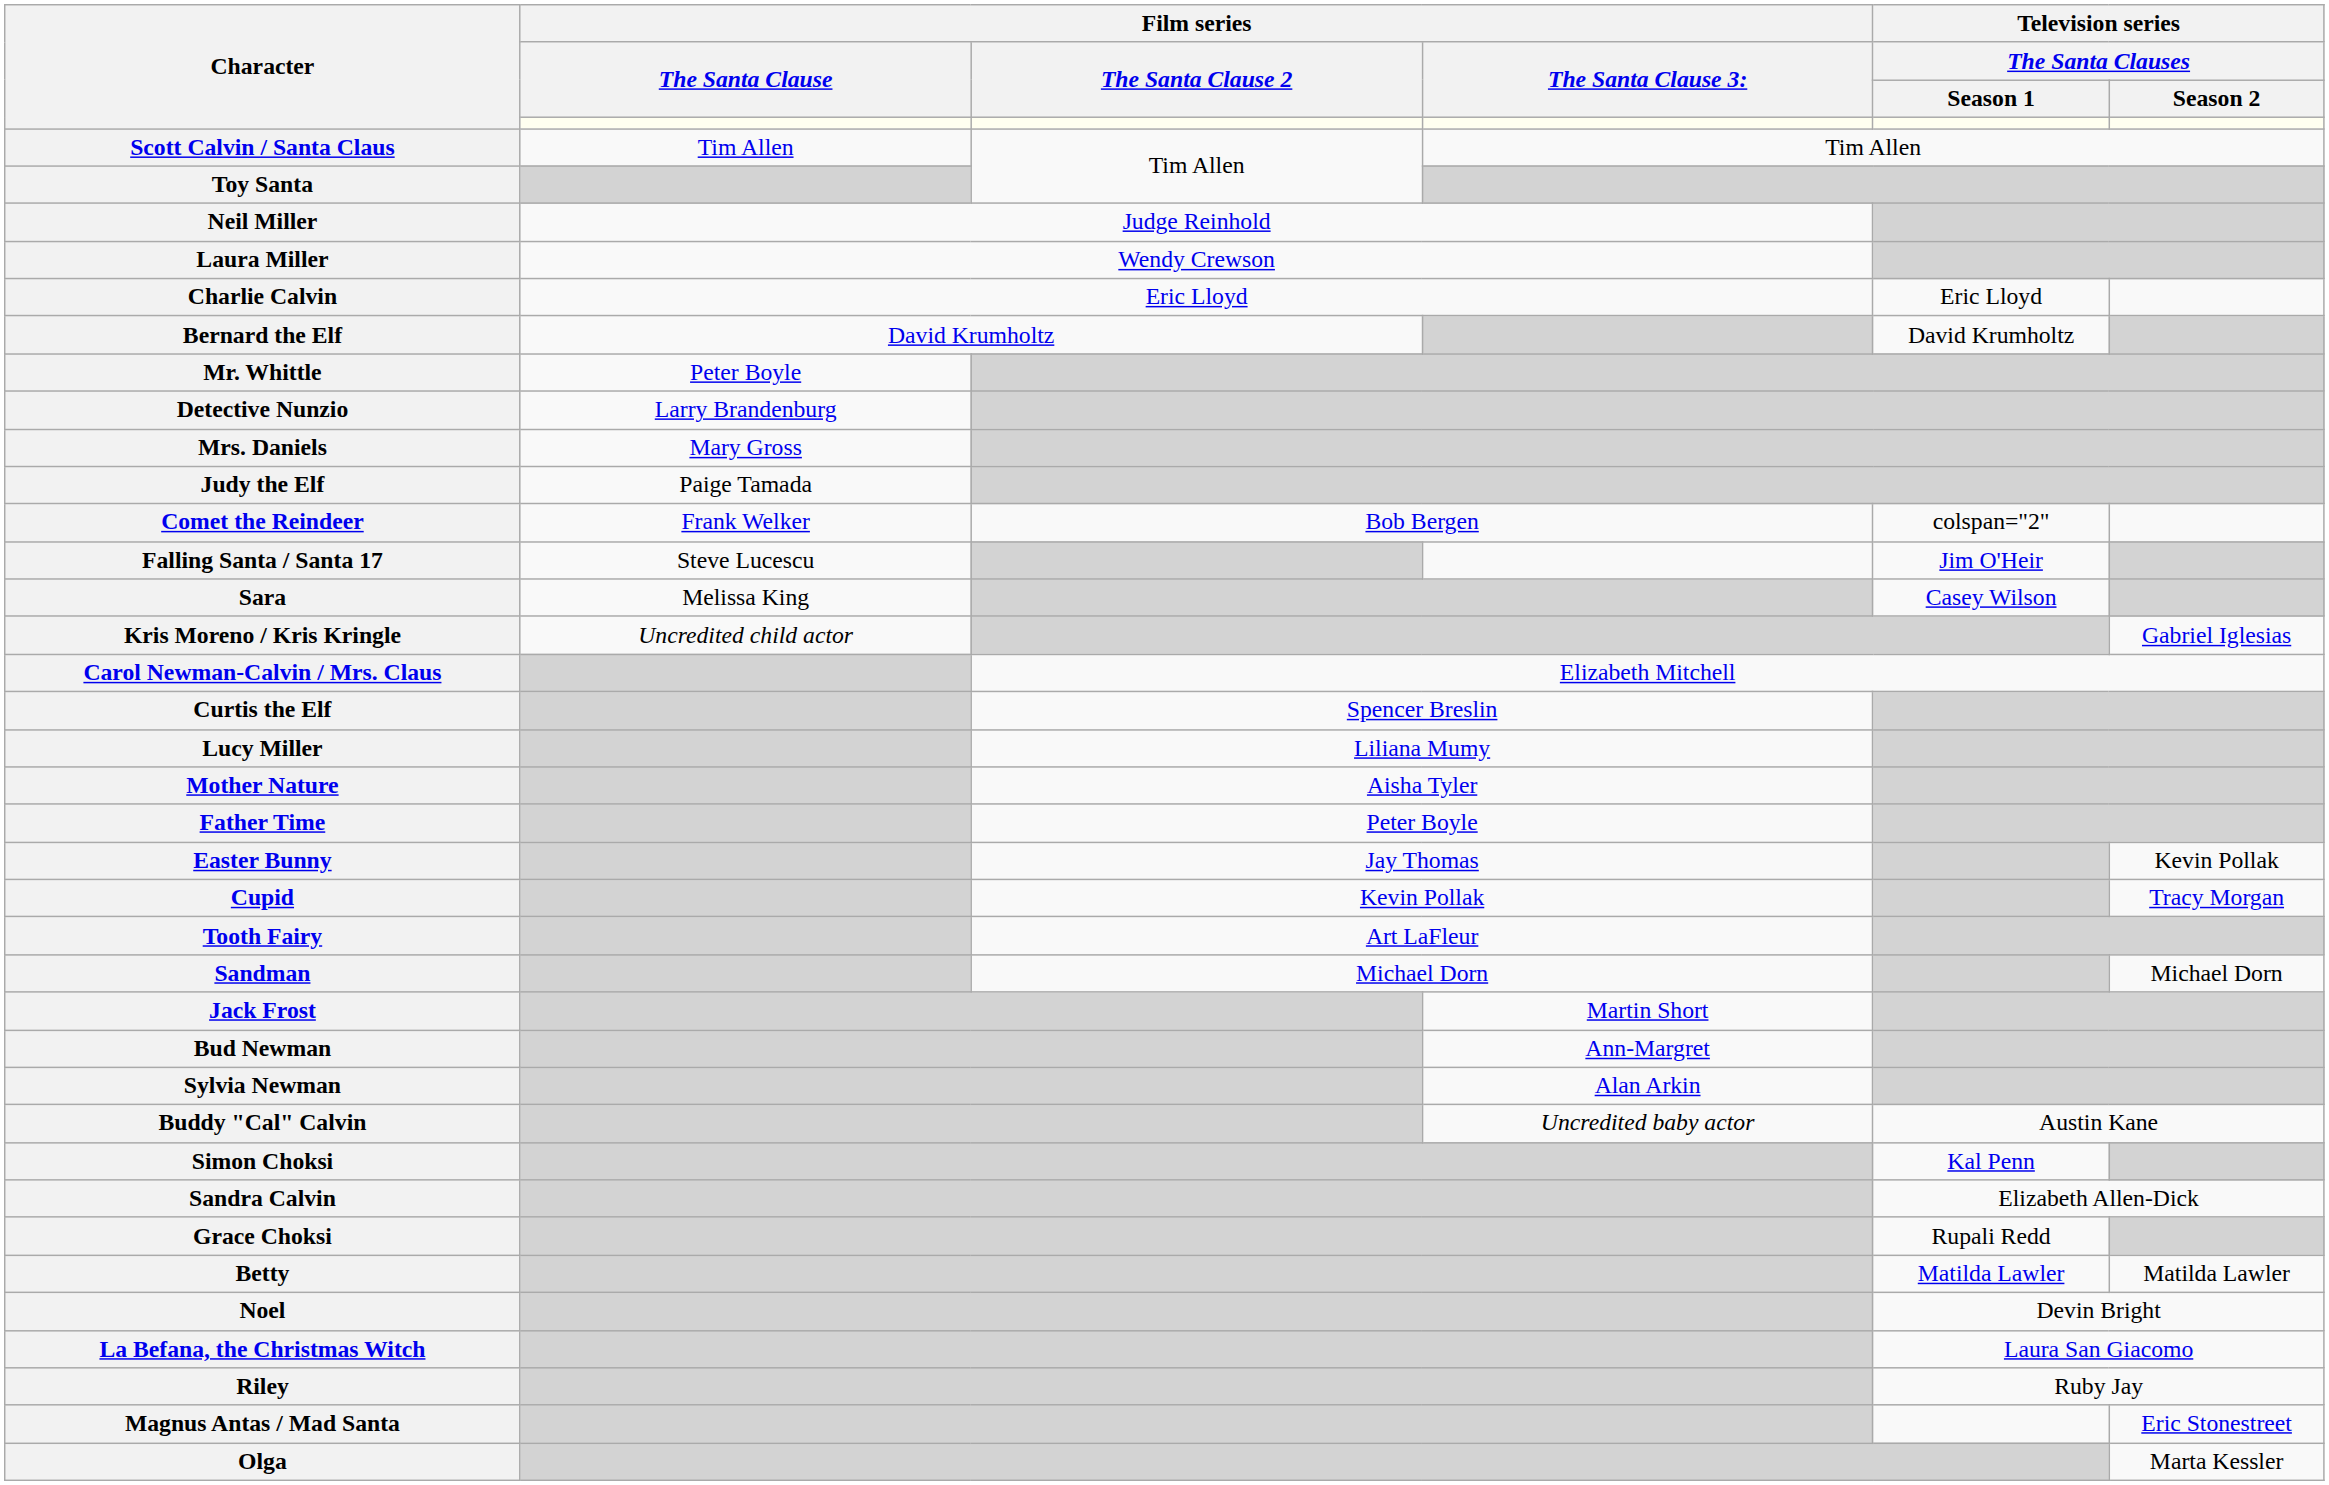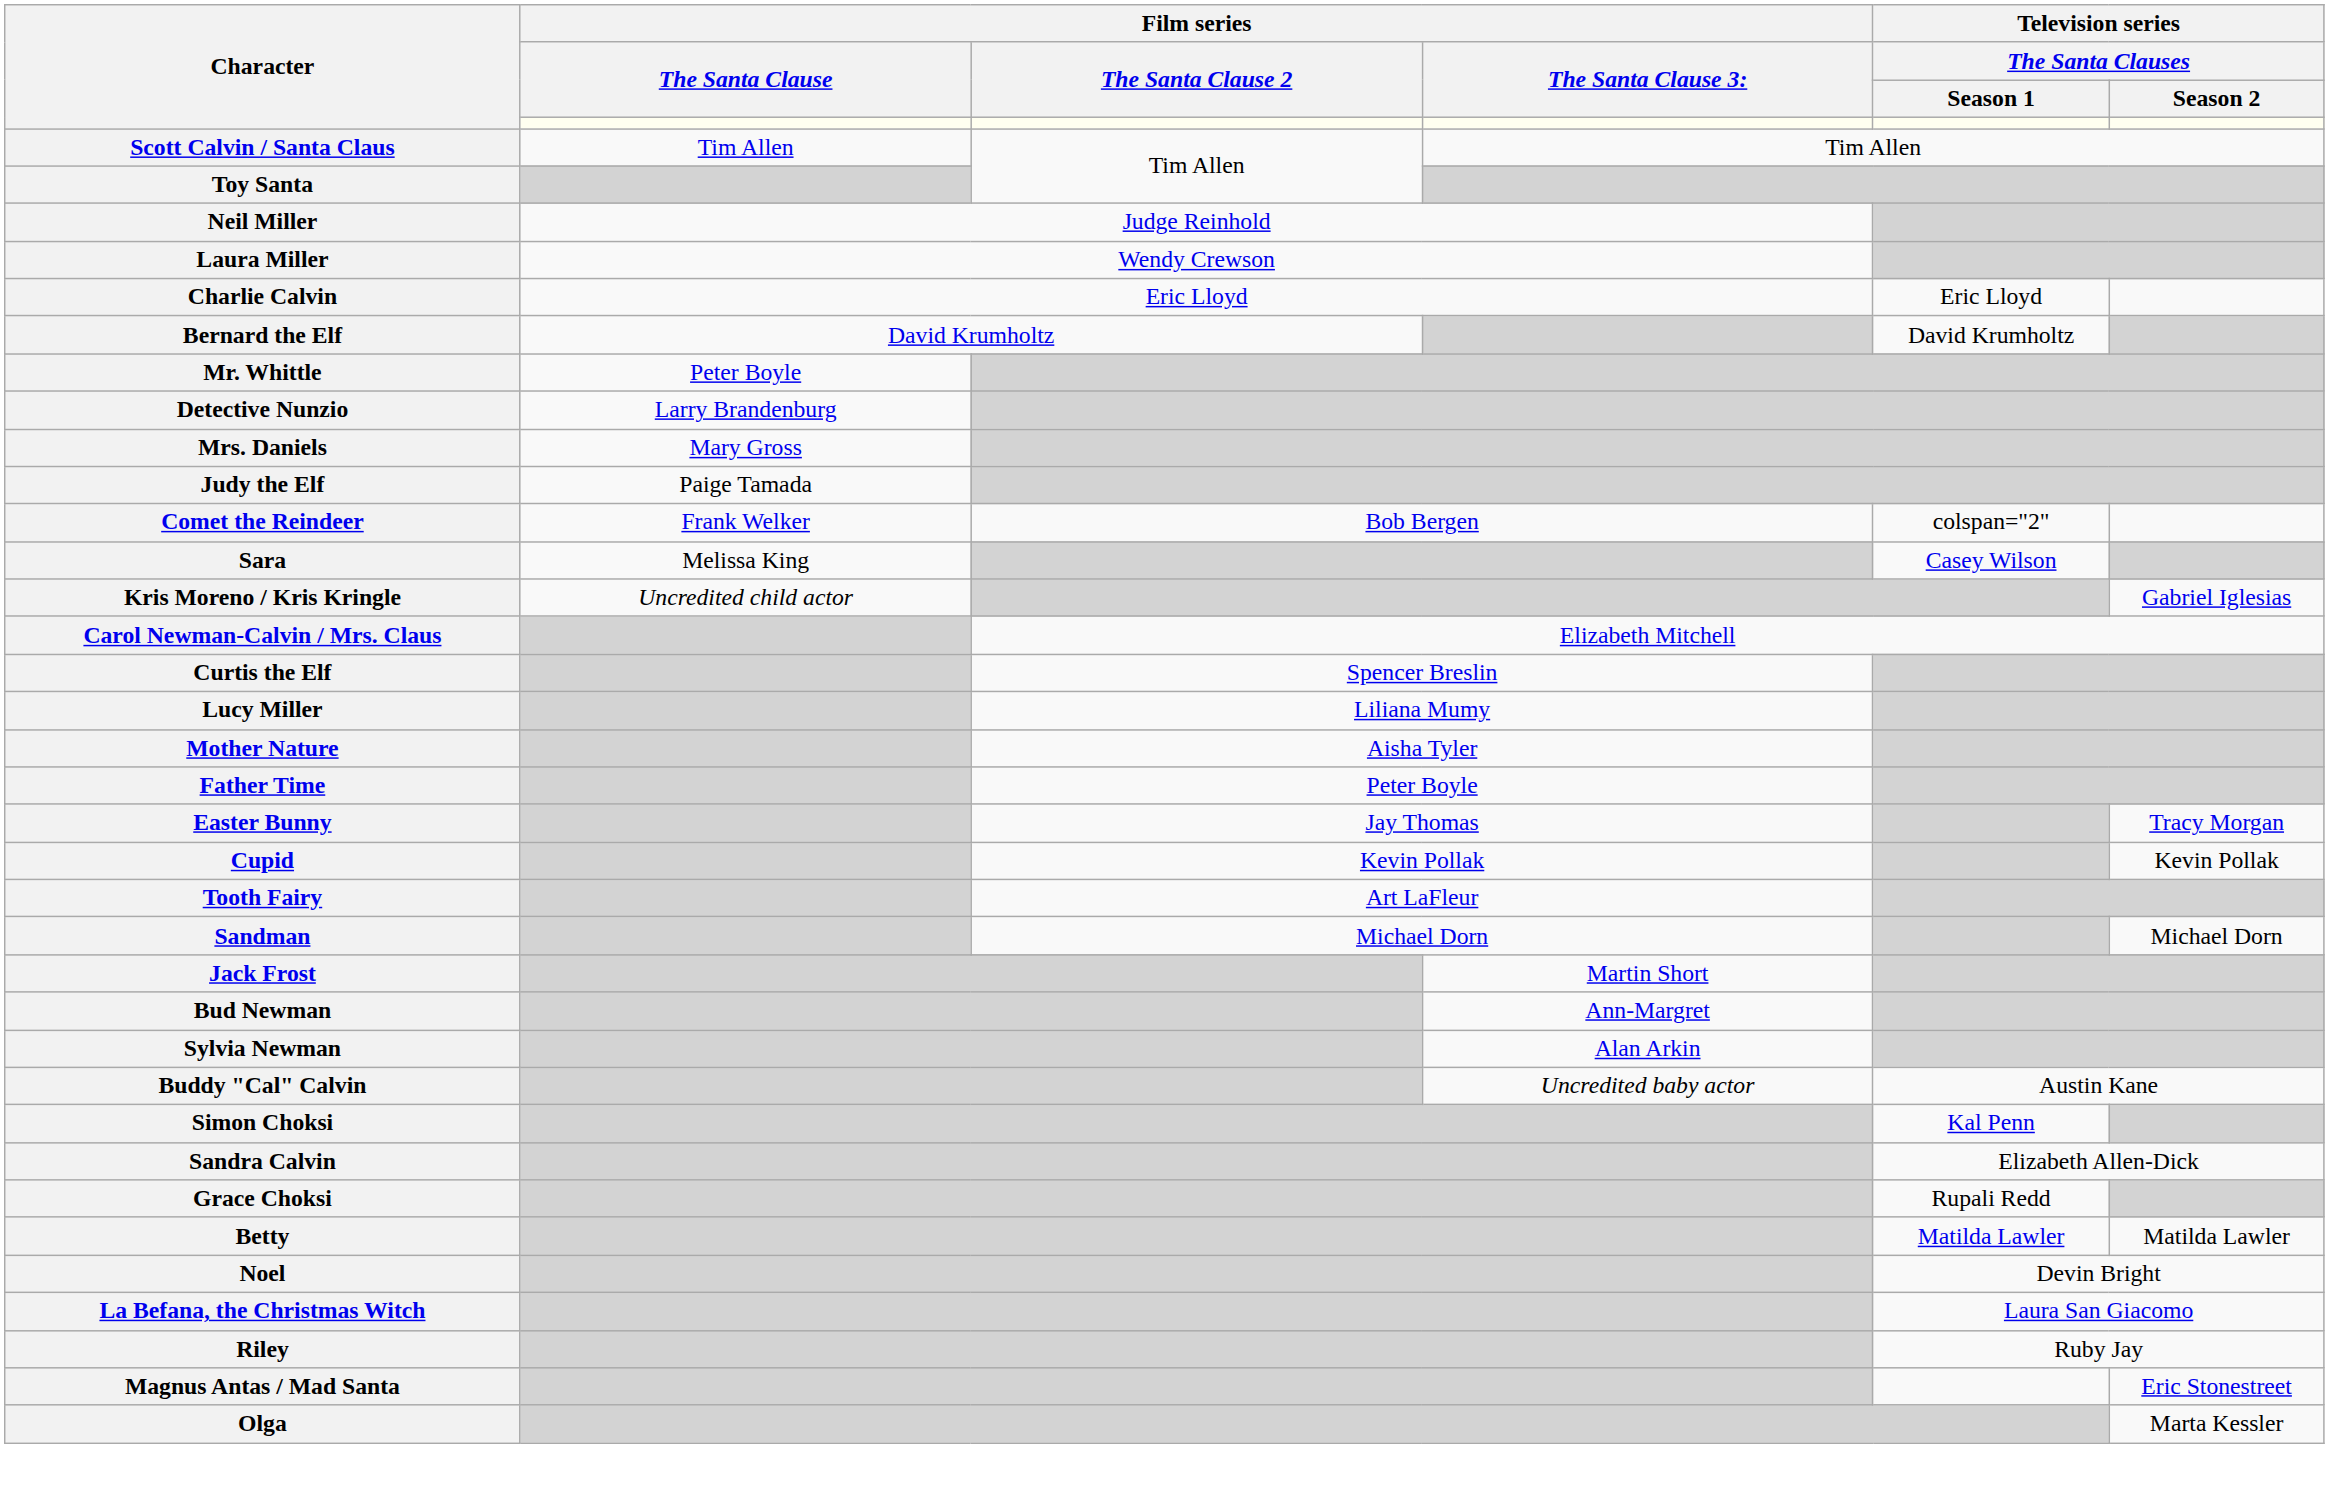 <table class="wikitable"  style="text-align:center; width:99%;">
 <tr>
 <th rowspan="4" style="width:16%;">Character</th>
 <th colspan="3">Film series</th>
 <th colspan="2">Television series</th>
 </tr>
 <tr>
 <th rowspan="2" align="center" width="14%"><em><a href='#'>The Santa Clause</a></em></th>
 <th rowspan="2" align="center" width="14%"><em><a href='#'>The Santa Clause 2</a></em></th>
 <th rowspan="2" align="center" width="14%"><em><a href='#'>The Santa Clause 3:<br></a></em></th>
 <th colspan="2" align="center" width="14%"><em><a href='#'>The Santa Clauses</a></em></th>
 </tr>
 <tr>
 <th>Season 1</th>
 <th>Season 2</th>
 </tr>
 <tr>
 <td style="background:ivory;"></td>
 <td style="background:ivory;"></td>
 <td style="background:ivory;"></td>
 <td style="background:ivory;"></td>
 <td style="background:ivory;"></td>
 </tr>
 <tr>
 <th><a href='#'>Scott Calvin / Santa Claus</a></th>
 <td><a href='#'>Tim Allen</a></td>
 <td rowspan="2">Tim Allen</td>
 <td colspan="3">Tim Allen</td>
 </tr>
 <tr>
 <th>Toy Santa</th>
 <td style="background-color:#D3D3D3;"></td>
 <td colspan="3" style="background-color:#D3D3D3;"></td>
 </tr>
 <tr>
 <th>Neil Miller</th>
 <td colspan="3"><a href='#'>Judge Reinhold</a></td>
 <td colspan="2" style="background-color:#D3D3D3;"></td>
 </tr>
 <tr>
 <th>Laura Miller</th>
 <td colspan="3"><a href='#'>Wendy Crewson</a></td>
 <td colspan="2" style="background-color:#D3D3D3;"></td>
 </tr>
 <tr>
 <th>Charlie Calvin</th>
 <td colspan="3"><a href='#'>Eric Lloyd</a></td>
 <td>Eric Lloyd</td>
 <td></td>
 </tr>
 <tr>
 <th>Bernard the Elf</th>
 <td colspan="2"><a href='#'>David Krumholtz</a></td>
 <td style="background-color:#D3D3D3;"></td>
 <td>David Krumholtz</td>
 <td style="background-color:#D3D3D3;"></td>
 </tr>
 <tr>
 <th>Mr. Whittle</th>
 <td><a href='#'>Peter Boyle</a></td>
 <td colspan="4" style="background-color:#D3D3D3;"></td>
 </tr>
 <tr>
 <th>Detective Nunzio</th>
 <td><a href='#'>Larry Brandenburg</a></td>
 <td colspan="4" style="background-color:#D3D3D3;"></td>
 </tr>
 <tr>
 <th>Mrs. Daniels</th>
 <td><a href='#'>Mary Gross</a></td>
 <td colspan="4" style="background-color:#D3D3D3;"></td>
 </tr>
 <tr>
 <th>Judy the Elf</th>
 <td>Paige Tamada</td>
 <td colspan="4" style="background-color:#D3D3D3;"></td>
 </tr>
 <tr>
 <th><a href='#'>Comet the Reindeer</a></th>
 <td><a href='#'>Frank Welker</a></td>
 <td colspan="2"><a href='#'>Bob Bergen</a></td>
 <td>colspan="2" </td>
 </tr>
 <tr>
-<th>Falling Santa / Santa 17</th>
-<td>Steve Lucescu</td>
-<td style="background-color:#D3D3D3;"></td>
-<td></td>
-<td><a href='#'>Jim O'Heir</a></td>
-<td style="background-color:#D3D3D3;"></td>
-</tr>
-<tr>
 <th>Sara</th>
 <td>Melissa King</td>
 <td colspan="2" style="background-color:#D3D3D3;"></td>
 <td><a href='#'>Casey Wilson</a></td>
 <td style="background-color:#D3D3D3;"></td>
 </tr>
 <tr>
 <th>Kris Moreno / Kris Kringle</th>
 <td><em>Uncredited child actor</em></td>
 <td colspan="3" style="background-color:#D3D3D3;"></td>
 <td><a href='#'>Gabriel Iglesias</a></td>
 </tr>
 <tr>
 <th><a href='#'>Carol Newman-Calvin / Mrs. Claus</a></th>
 <td style="background-color:#D3D3D3;"></td>
 <td colspan="4"><a href='#'>Elizabeth Mitchell</a></td>
 </tr>
 <tr>
 <th>Curtis the Elf</th>
 <td style="background-color:#D3D3D3;"></td>
 <td colspan="2"><a href='#'>Spencer Breslin</a></td>
 <td colspan="2" style="background-color:#D3D3D3;"></td>
 </tr>
 <tr>
 <th>Lucy Miller</th>
 <td style="background-color:#D3D3D3;"></td>
 <td colspan="2"><a href='#'>Liliana Mumy</a></td>
 <td colspan="2" style="background-color:#D3D3D3;"></td>
 </tr>
 <tr>
 <th><a href='#'>Mother Nature</a></th>
 <td style="background-color:#D3D3D3;"></td>
 <td colspan="2"><a href='#'>Aisha Tyler</a></td>
 <td colspan="2" style="background-color:#D3D3D3;"></td>
 </tr>
 <tr>
 <th><a href='#'>Father Time</a></th>
 <td style="background-color:#D3D3D3;"></td>
 <td colspan="2"><a href='#'>Peter Boyle</a></td>
 <td colspan="2" style="background-color:#D3D3D3;"></td>
 </tr>
 <tr>
 <th><a href='#'>Easter Bunny</a></th>
 <td style="background-color:#D3D3D3;"></td>
 <td colspan="2"><a href='#'>Jay Thomas</a></td>
 <td style="background-color:#D3D3D3;"></td>
-<td>Kevin Pollak</td>
+<td><a href='#'>Tracy Morgan</a></td>
 </tr>
 <tr>
 <th><a href='#'>Cupid</a></th>
 <td style="background-color:#D3D3D3;"></td>
 <td colspan="2"><a href='#'>Kevin Pollak</a></td>
 <td style="background-color:#D3D3D3;"></td>
-<td><a href='#'>Tracy Morgan</a></td>
+<td>Kevin Pollak</td>
 </tr>
 <tr>
 <th><a href='#'>Tooth Fairy</a></th>
 <td style="background-color:#D3D3D3;"></td>
 <td colspan="2"><a href='#'>Art LaFleur</a></td>
 <td colspan="2" style="background-color:#D3D3D3;"></td>
 </tr>
 <tr>
 <th><a href='#'>Sandman</a></th>
 <td style="background-color:#D3D3D3;"></td>
 <td colspan="2"><a href='#'>Michael Dorn</a></td>
 <td style="background-color:#D3D3D3;"></td>
 <td>Michael Dorn</td>
 </tr>
 <tr>
 <th><a href='#'>Jack Frost</a></th>
 <td colspan="2" style="background-color:#D3D3D3;"></td>
 <td><a href='#'>Martin Short</a></td>
 <td colspan="2" style="background-color:#D3D3D3;"></td>
 </tr>
 <tr>
 <th>Bud Newman</th>
 <td colspan="2" style="background-color:#D3D3D3;"></td>
 <td><a href='#'>Ann-Margret</a></td>
 <td colspan="2" style="background-color:#D3D3D3;"></td>
 </tr>
 <tr>
 <th>Sylvia Newman</th>
 <td colspan="2" style="background-color:#D3D3D3;"></td>
 <td><a href='#'>Alan Arkin</a></td>
 <td colspan="2" style="background-color:#D3D3D3;"></td>
 </tr>
 <tr>
 <th>Buddy "Cal" Calvin</th>
 <td colspan="2" style="background-color:#D3D3D3;"></td>
 <td><em>Uncredited baby actor</em></td>
 <td colspan="2">Austin Kane</td>
 </tr>
 <tr>
 <th>Simon Choksi</th>
 <td colspan="3" style="background-color:#D3D3D3;"></td>
 <td><a href='#'>Kal Penn</a></td>
 <td style="background-color:#D3D3D3;"></td>
 </tr>
 <tr>
 <th>Sandra Calvin</th>
 <td colspan="3" style="background-color:#D3D3D3;"></td>
 <td colspan="2">Elizabeth Allen-Dick</td>
 </tr>
 <tr>
 <th>Grace Choksi</th>
 <td colspan="3" style="background-color:#D3D3D3;"></td>
 <td>Rupali Redd</td>
 <td style="background-color:#D3D3D3;"></td>
 </tr>
 <tr>
 <th>Betty</th>
 <td colspan="3" style="background-color:#D3D3D3;"></td>
 <td><a href='#'>Matilda Lawler</a></td>
 <td>Matilda Lawler</td>
 </tr>
 <tr>
 <th>Noel</th>
 <td colspan="3" style="background-color:#D3D3D3;"></td>
 <td colspan="2">Devin Bright</td>
 </tr>
 <tr>
 <th><a href='#'>La Befana, the Christmas Witch</a></th>
 <td colspan="3" style="background-color:#D3D3D3;"></td>
 <td colspan="2"><a href='#'>Laura San Giacomo</a></td>
 </tr>
 <tr>
 <th>Riley</th>
 <td colspan="3" style="background-color:#D3D3D3;"></td>
 <td colspan="2">Ruby Jay</td>
 </tr>
 <tr>
 <th>Magnus Antas / Mad Santa</th>
 <td colspan="3" style="background-color:#D3D3D3;"></td>
 <td></td>
 <td><a href='#'>Eric Stonestreet</a></td>
 </tr>
 <tr>
 <th>Olga</th>
 <td colspan="4" style="background-color:#D3D3D3;"></td>
 <td>Marta Kessler</td>
 </tr>
 </table>
